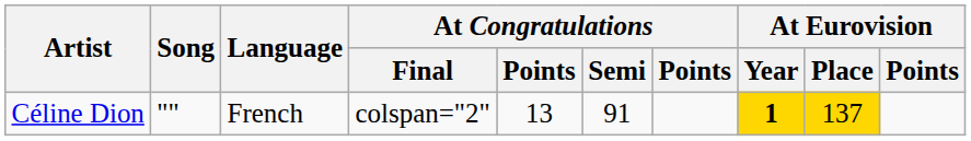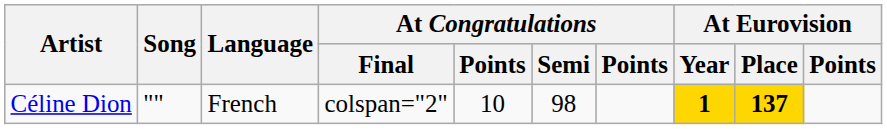 <table class="wikitable">
 <tr>
 <th rowspan="2" scope="col">Artist</th>
 <th rowspan="2" scope="col">Song</th>
 <th scope="col" rowspan="2">Language</th>
 <th scope="colgroup" colspan="4">At <em>Congratulations</em></th>
 <th scope="colgroup" colspan="3">At Eurovision</th>
 </tr>
 <tr>
 <th scope="col">Final</th>
 <th scope="col">Points</th>
 <th scope="col">Semi</th>
 <th scope="col">Points</th>
 <th scope="col">Year</th>
 <th scope="col">Place</th>
 <th scope="col">Points</th>
 </tr>
 <tr>
 <td><a href='#'>Céline Dion</a></td>
 <td>""</td>
 <td>French</td>
 <td>colspan="2" </td>
-<td style="text-align:center;">13</td>
-<td style="text-align:center;">91</td>
+<td style="text-align:center;">10</td>
+<td style="text-align:center;">98</td>
 <td style="text-align:center;"></td>
 <td style="text-align:center; background-color:#FFD700;"><strong>1</strong></td>
-<td style="text-align:center; background-color:#FFD700;">137</td>
+<td style="text-align:center; background-color:#FFD700;"><strong>137</strong></td>
 </tr>
 </table>
